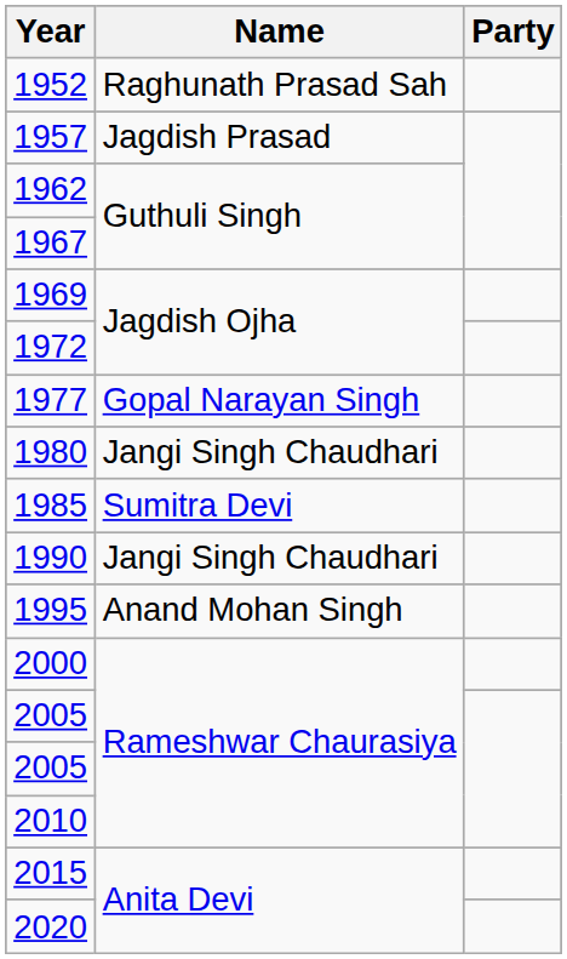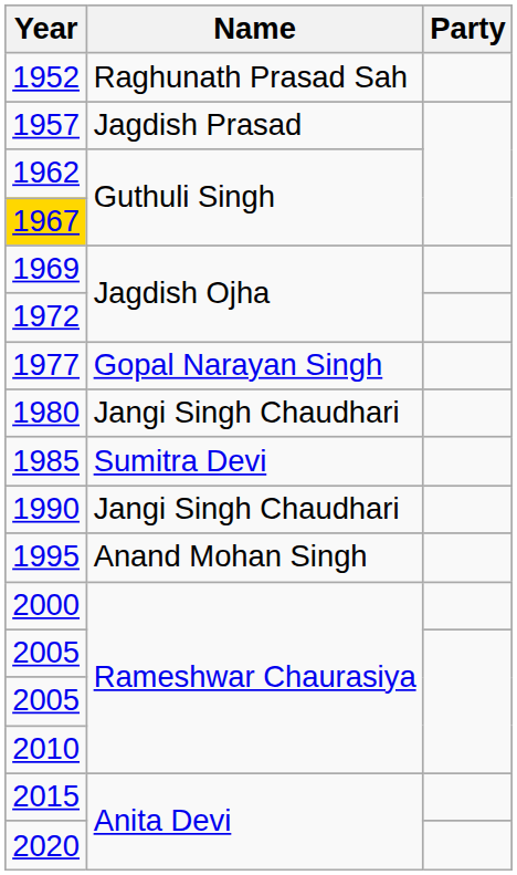 <table class="wikitable sortable">
 <tr>
 <th>Year</th>
 <th>Name</th>
 <th colspan="2">Party</th>
 </tr>
 <tr>
 <td><a href='#'>1952</a></td>
 <td>Raghunath Prasad Sah</td>
 <td></td>
 </tr>
 <tr>
 <td><a href='#'>1957</a></td>
 <td>Jagdish Prasad</td>
 </tr>
 <tr>
 <td><a href='#'>1962</a></td>
 <td rowspan="2">Guthuli Singh</td>
 </tr>
 <tr>
-<td><a href='#'>1967</a></td>
+<td style="background: gold;"><a href='#'>1967</a></td>
 </tr>
 <tr>
 <td><a href='#'>1969</a></td>
 <td rowspan="2">Jagdish Ojha</td>
 <td></td>
 </tr>
 <tr>
 <td><a href='#'>1972</a></td>
 <td></td>
 </tr>
 <tr>
 <td><a href='#'>1977</a></td>
 <td><a href='#'>Gopal Narayan Singh</a></td>
 <td></td>
 </tr>
 <tr>
 <td><a href='#'>1980</a></td>
 <td>Jangi Singh Chaudhari</td>
 <td></td>
 </tr>
 <tr>
 <td><a href='#'>1985</a></td>
 <td><a href='#'>Sumitra Devi</a></td>
 <td></td>
 </tr>
 <tr>
 <td><a href='#'>1990</a></td>
 <td>Jangi Singh Chaudhari</td>
 <td></td>
 </tr>
 <tr>
 <td><a href='#'>1995</a></td>
 <td>Anand Mohan Singh</td>
 </tr>
 <tr>
 <td><a href='#'>2000</a></td>
 <td rowspan="4"><a href='#'>Rameshwar Chaurasiya</a></td>
 <td></td>
 </tr>
 <tr>
 <td><a href='#'>2005</a></td>
 </tr>
 <tr>
 <td><a href='#'>2005</a></td>
 </tr>
 <tr>
 <td><a href='#'>2010</a></td>
 </tr>
 <tr>
 <td><a href='#'>2015</a></td>
 <td rowspan="2"><a href='#'>Anita Devi</a></td>
 <td></td>
 </tr>
 <tr>
 <td><a href='#'>2020</a></td>
 </tr>
 </table>
